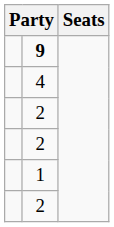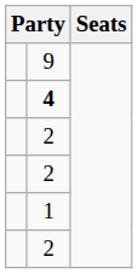 <table class="wikitable" style="font-size: 95%;">
 <tr>
 <th colspan=2>Party</th>
 <th>Seats</th>
 </tr>
 <tr>
 <td></td>
-<td align="center"><strong>9</strong></td>
+<td align="center">9</td>
 </tr>
 <tr>
 <td></td>
-<td align="center">4</td>
+<td align="center"><strong>4</strong></td>
 </tr>
 <tr>
 <td></td>
 <td align="center">2</td>
 </tr>
 <tr>
 <td></td>
 <td align="center">2</td>
 </tr>
 <tr>
 <td></td>
 <td align="center">1</td>
 </tr>
 <tr>
 <td></td>
 <td align="center">2</td>
 </tr>
 </table>
